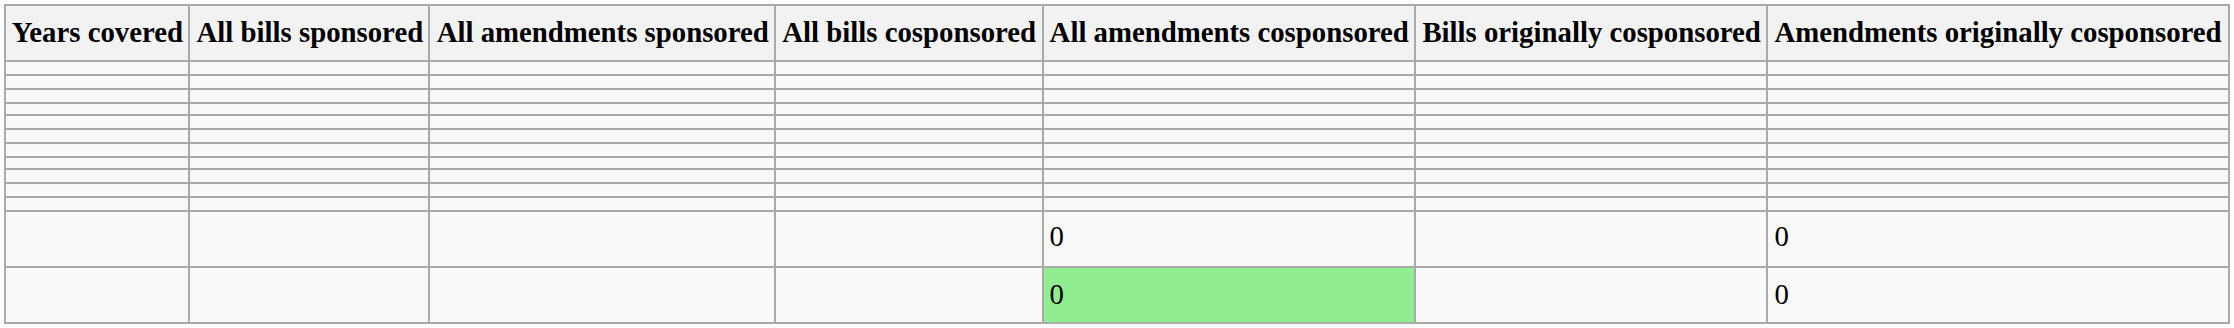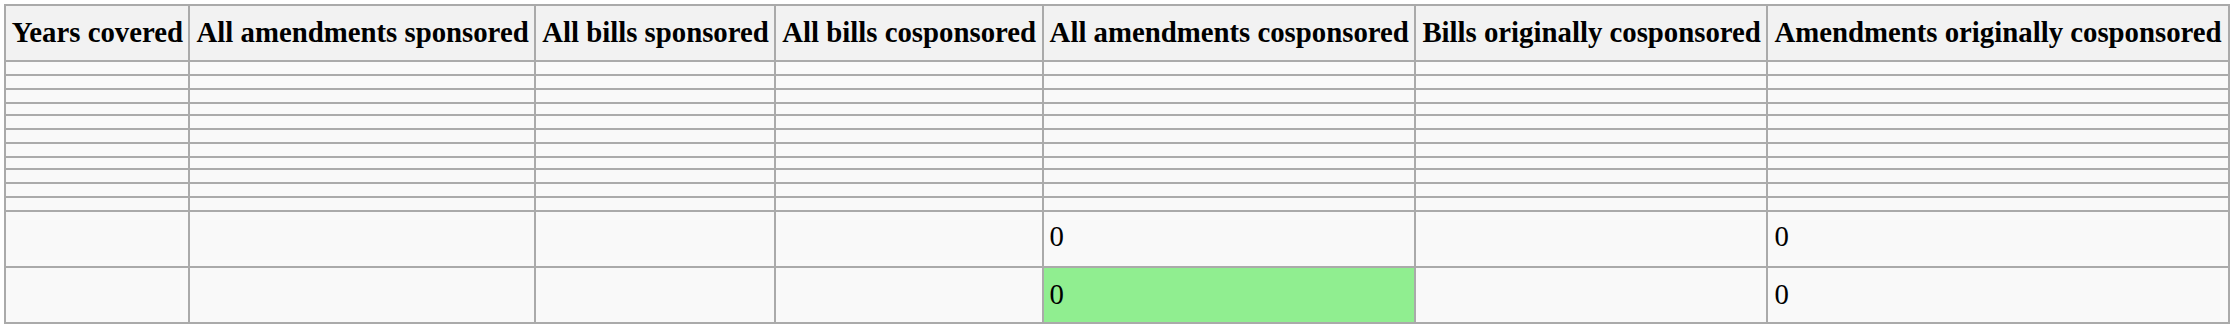 <table class="wikitable sortable" style="font-size:90%;border:0px;text-align:left;line-height:150%;">
 <tr>
 <th>Years covered</th>
+<th>All amendments sponsored</th>
 <th>All bills sponsored</th>
-<th>All amendments sponsored</th>
 <th>All bills cosponsored</th>
 <th>All amendments cosponsored</th>
 <th>Bills originally cosponsored</th>
 <th>Amendments originally cosponsored</th>
 </tr>
 <tr>
 <td> </td>
 <td> </td>
 <td> </td>
 <td> </td>
 <td> </td>
 <td> </td>
 <td> </td>
 </tr>
 <tr>
 <td> </td>
 <td> </td>
 <td> </td>
 <td> </td>
 <td> </td>
 <td> </td>
 <td> </td>
 </tr>
 <tr>
 <td> </td>
 <td> </td>
 <td> </td>
 <td> </td>
 <td> </td>
 <td> </td>
 <td> </td>
 </tr>
 <tr>
 <td> </td>
 <td> </td>
 <td> </td>
 <td> </td>
 <td> </td>
 <td> </td>
 <td> </td>
 </tr>
 <tr>
 <td> </td>
 <td> </td>
 <td> </td>
 <td> </td>
 <td> </td>
 <td> </td>
 <td> </td>
 </tr>
 <tr>
 <td> </td>
 <td> </td>
 <td> </td>
 <td> </td>
 <td> </td>
 <td> </td>
 <td> </td>
 </tr>
 <tr>
 <td> </td>
 <td> </td>
 <td> </td>
 <td> </td>
 <td> </td>
 <td> </td>
 <td> </td>
 </tr>
 <tr>
 <td> </td>
 <td> </td>
 <td> </td>
 <td> </td>
 <td> </td>
 <td> </td>
 <td> </td>
 </tr>
 <tr>
 <td> </td>
 <td> </td>
 <td> </td>
 <td> </td>
 <td> </td>
 <td> </td>
 <td> </td>
 </tr>
 <tr>
 <td> </td>
 <td> </td>
 <td> </td>
 <td> </td>
 <td> </td>
 <td> </td>
 <td> </td>
 </tr>
 <tr>
 <td> </td>
 <td> </td>
 <td> </td>
 <td> </td>
 <td> </td>
 <td> </td>
 <td> </td>
 </tr>
 <tr>
 <td> </td>
 <td> </td>
 <td> </td>
 <td> </td>
 <td>0</td>
 <td> </td>
 <td>0</td>
 </tr>
 <tr>
 <td> </td>
 <td> </td>
 <td> </td>
 <td> </td>
 <td style="background: lightgreen;">0</td>
 <td> </td>
 <td>0</td>
 </tr>
 </table>
